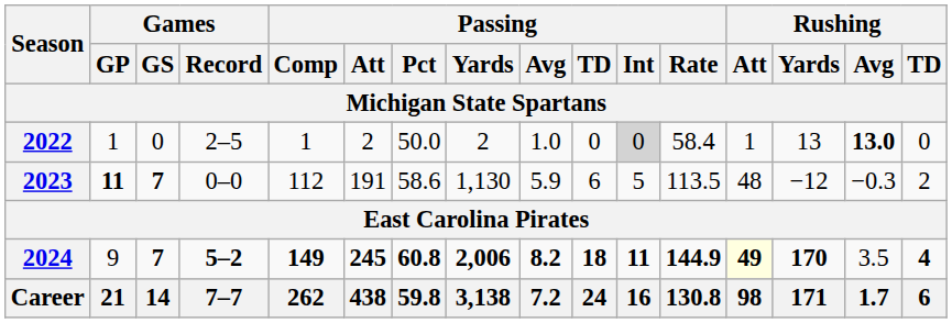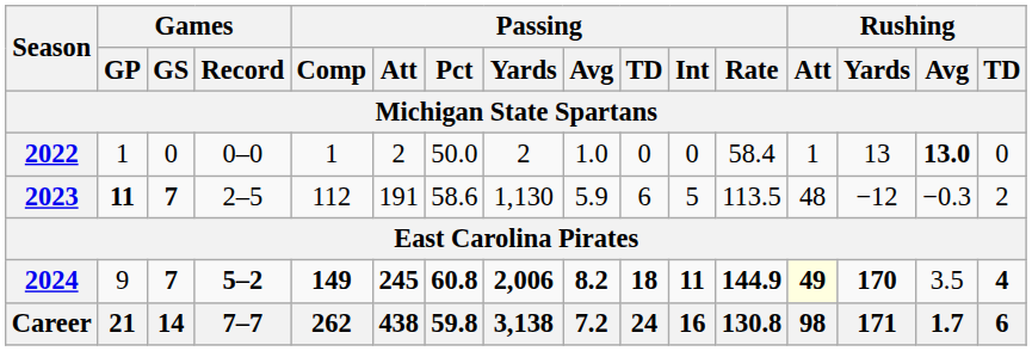 <table class="wikitable" style="text-align:center;">
 <tr>
 <th rowspan="2">Season</th>
 <th colspan="3">Games</th>
 <th colspan="8">Passing</th>
 <th colspan="5">Rushing</th>
 </tr>
 <tr>
 <th>GP</th>
 <th>GS</th>
 <th>Record</th>
 <th>Comp</th>
 <th>Att</th>
 <th>Pct</th>
 <th>Yards</th>
 <th>Avg</th>
 <th>TD</th>
 <th>Int</th>
 <th>Rate</th>
 <th>Att</th>
 <th>Yards</th>
 <th>Avg</th>
 <th>TD</th>
 </tr>
 <tr>
 <th colspan="16">Michigan State Spartans</th>
 </tr>
 <tr>
 <th><a href='#'>2022</a></th>
 <td>1</td>
 <td>0</td>
-<td>2–5</td>
+<td>0–0</td>
 <td>1</td>
 <td>2</td>
 <td>50.0</td>
 <td>2</td>
 <td>1.0</td>
 <td>0</td>
-<td style="background: lightgrey;">0</td>
+<td>0</td>
 <td>58.4</td>
 <td>1</td>
 <td>13</td>
 <td><strong>13.0</strong></td>
 <td>0</td>
 </tr>
 <tr>
 <th><a href='#'>2023</a></th>
 <td><strong>11</strong></td>
 <td><strong>7</strong></td>
-<td>0–0</td>
+<td>2–5</td>
 <td>112</td>
 <td>191</td>
 <td>58.6</td>
 <td>1,130</td>
 <td>5.9</td>
 <td>6</td>
 <td>5</td>
 <td>113.5</td>
 <td>48</td>
 <td>−12</td>
 <td>−0.3</td>
 <td>2</td>
 </tr>
 <tr>
 <th colspan="16">East Carolina Pirates</th>
 </tr>
 <tr>
 <th><a href='#'>2024</a></th>
 <td>9</td>
 <td><strong>7</strong></td>
 <td><strong>5–2</strong></td>
 <td><strong>149</strong></td>
 <td><strong>245</strong></td>
 <td><strong>60.8</strong></td>
 <td><strong>2,006</strong></td>
 <td><strong>8.2</strong></td>
 <td><strong>18</strong></td>
 <td><strong>11</strong></td>
 <td><strong>144.9</strong></td>
 <td style="background: lightyellow;"><strong>49</strong></td>
 <td><strong>170</strong></td>
 <td>3.5</td>
 <td><strong>4</strong></td>
 </tr>
 <tr>
 <th>Career</th>
 <th>21</th>
 <th>14</th>
 <th>7–7</th>
 <th>262</th>
 <th>438</th>
 <th>59.8</th>
 <th>3,138</th>
 <th>7.2</th>
 <th>24</th>
 <th>16</th>
 <th>130.8</th>
 <th>98</th>
 <th>171</th>
 <th>1.7</th>
 <th>6</th>
 </tr>
 </table>
